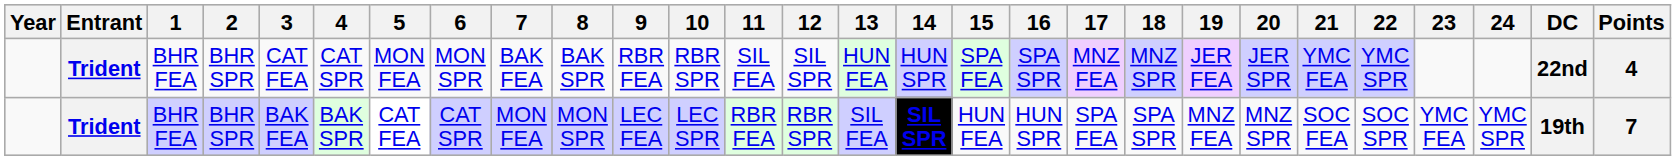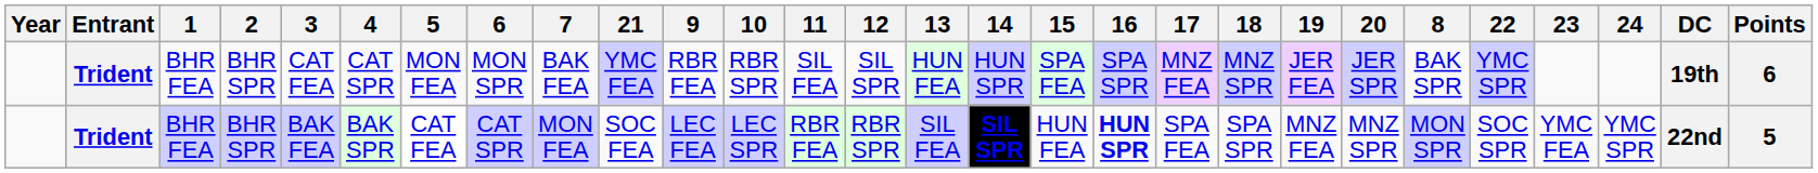 <table class="wikitable" style="text-align:center; font-size:85%">
 <tr>
 <th>Year</th>
 <th>Entrant</th>
 <th>1</th>
 <th>2</th>
 <th>3</th>
 <th>4</th>
 <th>5</th>
 <th>6</th>
 <th>7</th>
-<th>8</th>
+<th>21</th>
 <th>9</th>
 <th>10</th>
 <th>11</th>
 <th>12</th>
 <th>13</th>
 <th>14</th>
 <th>15</th>
 <th>16</th>
 <th>17</th>
 <th>18</th>
 <th>19</th>
 <th>20</th>
-<th>21</th>
+<th>8</th>
 <th>22</th>
 <th>23</th>
 <th>24</th>
 <th>DC</th>
 <th>Points</th>
 </tr>
 <tr>
 <td></td>
 <th nowrap><a href='#'>Trident</a></th>
 <td><a href='#'>BHR<br>FEA</a></td>
 <td><a href='#'>BHR<br>SPR</a></td>
 <td><a href='#'>CAT<br>FEA</a></td>
 <td><a href='#'>CAT<br>SPR</a></td>
 <td><a href='#'>MON<br>FEA</a></td>
 <td><a href='#'>MON<br>SPR</a></td>
 <td><a href='#'>BAK<br>FEA</a></td>
-<td><a href='#'>BAK<br>SPR</a></td>
+<td style="background:#CFCFFF;"><a href='#'>YMC<br>FEA</a><br></td>
 <td><a href='#'>RBR<br>FEA</a></td>
 <td><a href='#'>RBR<br>SPR</a></td>
 <td><a href='#'>SIL<br>FEA</a></td>
 <td><a href='#'>SIL<br>SPR</a></td>
 <td style="background:#DFFFDF;"><a href='#'>HUN<br>FEA</a><br></td>
 <td style="background:#CFCFFF;"><a href='#'>HUN<br>SPR</a><br></td>
 <td style="background:#DFFFDF;"><a href='#'>SPA<br>FEA</a><br></td>
 <td style="background:#CFCFFF;"><a href='#'>SPA<br>SPR</a><br></td>
 <td style="background:#EFCFFF;"><a href='#'>MNZ<br>FEA</a><br></td>
 <td style="background:#CFCFFF;"><a href='#'>MNZ<br>SPR</a><br></td>
 <td style="background:#EFCFFF;"><a href='#'>JER<br>FEA</a><br></td>
 <td style="background:#CFCFFF;"><a href='#'>JER<br>SPR</a><br></td>
-<td style="background:#CFCFFF;"><a href='#'>YMC<br>FEA</a><br></td>
+<td><a href='#'>BAK<br>SPR</a></td>
 <td style="background:#CFCFFF;"><a href='#'>YMC<br>SPR</a><br></td>
 <td></td>
 <td></td>
-<th>22nd</th>
-<th>4</th>
+<th>19th</th>
+<th>6</th>
 </tr>
 <tr>
 <td></td>
 <th nowrap><a href='#'>Trident</a></th>
 <td style="background:#CFCFFF;"><a href='#'>BHR<br>FEA</a><br></td>
 <td style="background:#CFCFFF;"><a href='#'>BHR<br>SPR</a><br></td>
 <td style="background:#CFCFFF;"><a href='#'>BAK<br>FEA</a><br></td>
 <td style="background:#DFFFDF;"><a href='#'>BAK<br>SPR</a><br></td>
 <td style="background:#FFFFFF;"><a href='#'>CAT<br>FEA</a><br></td>
 <td style="background:#CFCFFF;"><a href='#'>CAT<br>SPR</a><br></td>
 <td style="background:#CFCFFF;"><a href='#'>MON<br>FEA</a><br></td>
-<td style="background:#CFCFFF;"><a href='#'>MON<br>SPR</a><br></td>
+<td><a href='#'>SOC<br>FEA</a></td>
 <td style="background:#CFCFFF;"><a href='#'>LEC<br>FEA</a><br></td>
 <td style="background:#CFCFFF;"><a href='#'>LEC<br>SPR</a><br></td>
 <td style="background:#DFFFDF;"><a href='#'>RBR<br>FEA</a><br></td>
 <td style="background:#DFFFDF;"><a href='#'>RBR<br>SPR</a><br></td>
 <td style="background:#CFCFFF;"><a href='#'>SIL<br>FEA</a><br></td>
 <td style="background:#000000; color:white"><strong><a href='#'><span>SIL<br>SPR</span></a><br></strong></td>
 <td><a href='#'>HUN<br>FEA</a></td>
-<td><a href='#'>HUN<br>SPR</a></td>
+<td><strong><a href='#'>HUN<br>SPR</a></strong></td>
 <td><a href='#'>SPA<br>FEA</a></td>
 <td><a href='#'>SPA<br>SPR</a></td>
 <td><a href='#'>MNZ<br>FEA</a></td>
 <td><a href='#'>MNZ<br>SPR</a></td>
-<td><a href='#'>SOC<br>FEA</a></td>
+<td style="background:#CFCFFF;"><a href='#'>MON<br>SPR</a><br></td>
 <td><a href='#'>SOC<br>SPR</a></td>
 <td><a href='#'>YMC<br>FEA</a></td>
 <td><a href='#'>YMC<br>SPR</a></td>
-<th>19th</th>
-<th>7</th>
+<th>22nd</th>
+<th>5</th>
 </tr>
 </table>
